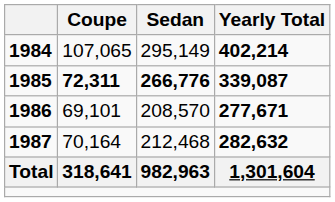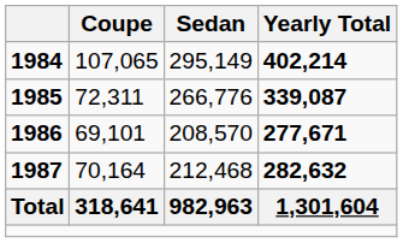 <table class="wikitable defaultcenter col1left">
 <tr>
 <th></th>
 <th>Coupe</th>
 <th>Sedan</th>
 <th>Yearly Total</th>
 </tr>
 <tr>
 <td><strong>1984</strong></td>
 <td>107,065</td>
 <td>295,149</td>
 <td><strong>402,214</strong></td>
 </tr>
 <tr>
 <td><strong>1985</strong></td>
-<td><strong>72,311</strong></td>
-<td><strong>266,776</strong></td>
+<td>72,311</td>
+<td>266,776</td>
 <td><strong>339,087</strong></td>
 </tr>
 <tr>
 <td><strong>1986</strong></td>
 <td>69,101</td>
 <td>208,570</td>
 <td><strong>277,671</strong></td>
 </tr>
 <tr>
 <td><strong>1987</strong></td>
 <td>70,164</td>
 <td>212,468</td>
 <td><strong>282,632</strong></td>
 </tr>
 <tr>
 <th>Total</th>
 <th>318,641</th>
 <th>982,963</th>
 <th><u>1,301,604</u></th>
 </tr>
 <tr>
 <td colspan="4"></td>
 </tr>
 </table>
